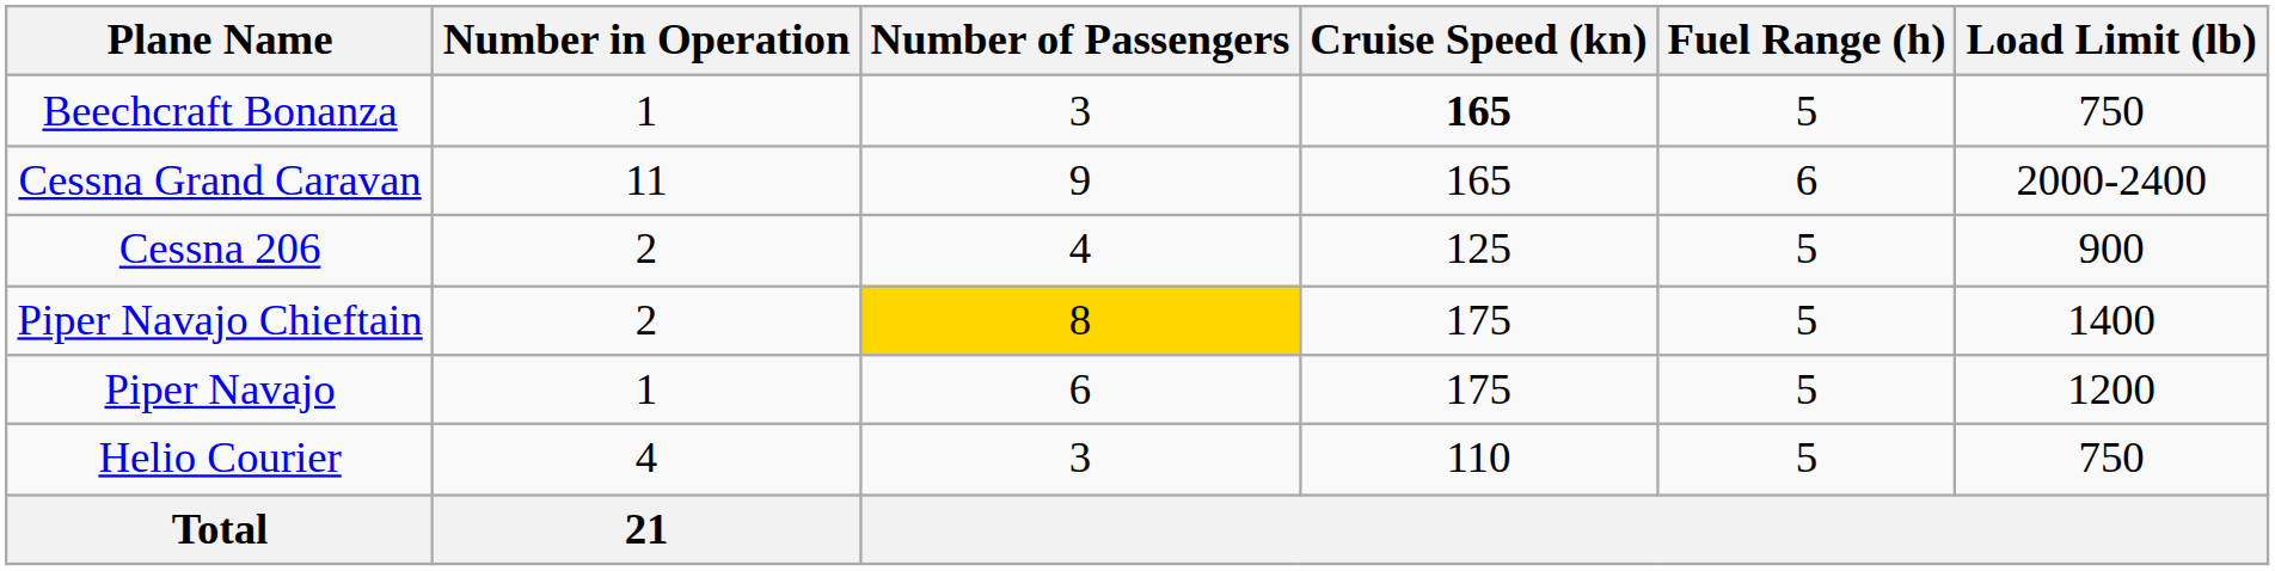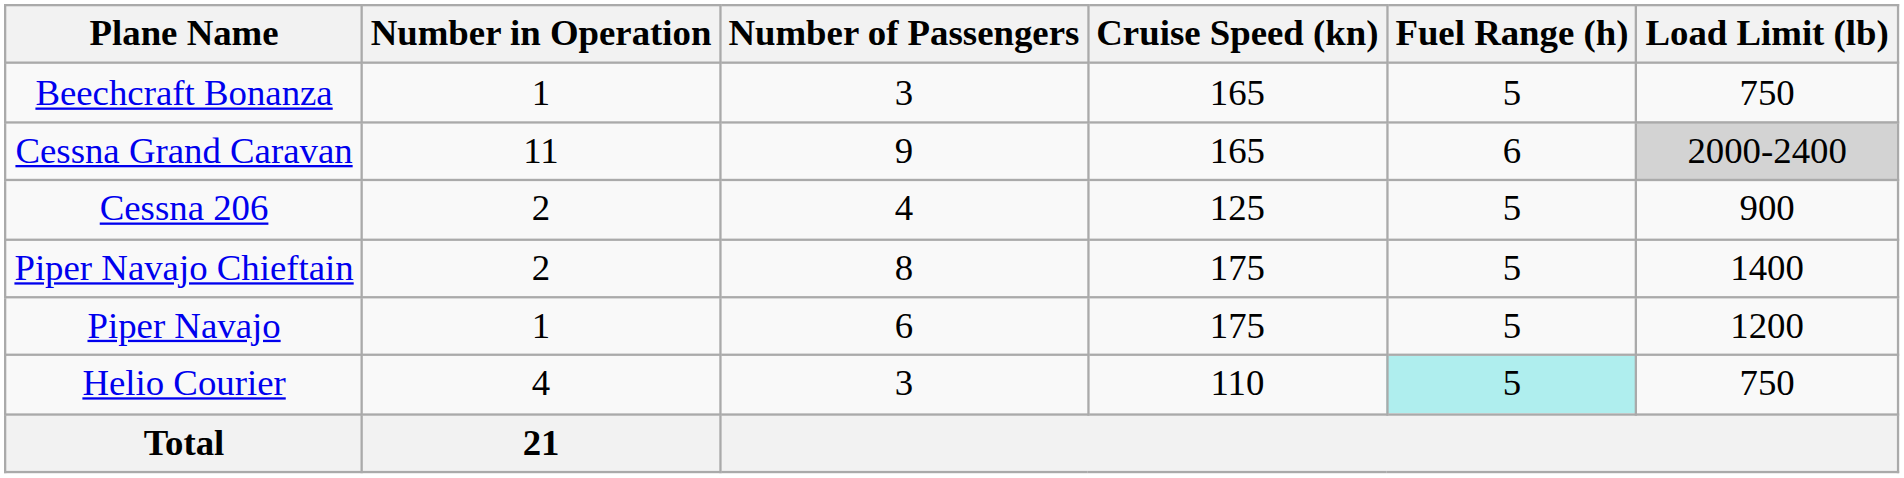 <table class="wikitable" style="margin:auto;text-align:center">
 <tr>
 <th>Plane Name</th>
 <th>Number in Operation</th>
 <th>Number of Passengers</th>
 <th>Cruise Speed (kn)</th>
 <th>Fuel Range (h)</th>
 <th>Load Limit (lb)</th>
 </tr>
 <tr>
 <td><a href='#'>Beechcraft Bonanza</a></td>
 <td>1</td>
 <td>3</td>
-<td><strong>165</strong></td>
+<td>165</td>
 <td>5</td>
 <td>750</td>
 </tr>
 <tr>
 <td><a href='#'>Cessna Grand Caravan</a></td>
 <td>11</td>
 <td>9</td>
 <td>165</td>
 <td>6</td>
-<td>2000-2400</td>
+<td style="background: lightgrey;">2000-2400</td>
 </tr>
 <tr>
 <td><a href='#'>Cessna 206</a></td>
 <td>2</td>
 <td>4</td>
 <td>125</td>
 <td>5</td>
 <td>900</td>
 </tr>
 <tr>
 <td><a href='#'>Piper Navajo Chieftain</a></td>
 <td>2</td>
-<td style="background: gold;">8</td>
+<td>8</td>
 <td>175</td>
 <td>5</td>
 <td>1400</td>
 </tr>
 <tr>
 <td><a href='#'>Piper Navajo</a></td>
 <td>1</td>
 <td>6</td>
 <td>175</td>
 <td>5</td>
 <td>1200</td>
 </tr>
 <tr>
 <td><a href='#'>Helio Courier</a></td>
 <td>4</td>
 <td>3</td>
 <td>110</td>
-<td>5</td>
+<td style="background: paleturquoise;">5</td>
 <td>750</td>
 </tr>
 <tr>
 <th>Total</th>
 <th>21</th>
 <th colspan="4"></th>
 </tr>
 </table>
